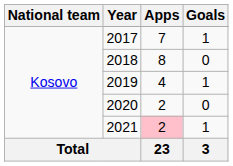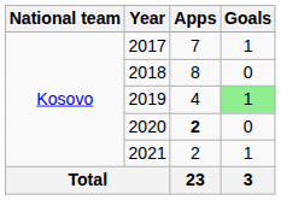 <table class="wikitable" style="text-align:center">
 <tr>
 <th>National team</th>
 <th>Year</th>
 <th>Apps</th>
 <th>Goals</th>
 </tr>
 <tr>
 <td rowspan="6"><a href='#'>Kosovo</a></td>
 </tr>
 <tr>
 <td>2017</td>
 <td>7</td>
 <td>1</td>
 </tr>
 <tr>
 <td>2018</td>
 <td>8</td>
 <td>0</td>
 </tr>
 <tr>
 <td>2019</td>
 <td>4</td>
-<td>1</td>
+<td style="background: lightgreen;">1</td>
 </tr>
 <tr>
 <td>2020</td>
-<td>2</td>
+<td><strong>2</strong></td>
 <td>0</td>
 </tr>
 <tr>
 <td>2021</td>
-<td style="background: pink;">2</td>
+<td>2</td>
 <td>1</td>
 </tr>
 <tr>
 <th colspan="2">Total</th>
 <th>23</th>
 <th>3</th>
 </tr>
 </table>
